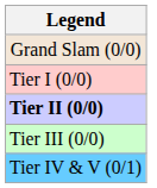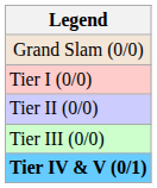 <table class="wikitable sortable mw-collapsible mw-collapsed">
 <tr>
 <th>Legend</th>
 </tr>
 <tr>
 <td align="center" colspan="2" bgcolor="#f3e6d7">Grand Slam (0/0)</td>
 </tr>
 <tr>
 <td bgcolor="#ffcccc">Tier I (0/0)</td>
 </tr>
 <tr>
-<td bgcolor="#ccccff"><strong>Tier II (0/0)</strong></td>
+<td bgcolor="#ccccff">Tier II (0/0)</td>
 </tr>
 <tr>
 <td bgcolor="#CCFFCC">Tier III (0/0)</td>
 </tr>
 <tr>
-<td bgcolor="#66CCFF">Tier IV & V (0/1)</td>
+<td bgcolor="#66CCFF"><strong>Tier IV & V (0/1)</strong></td>
 </tr>
 </table>
